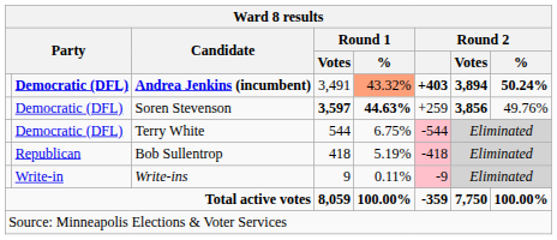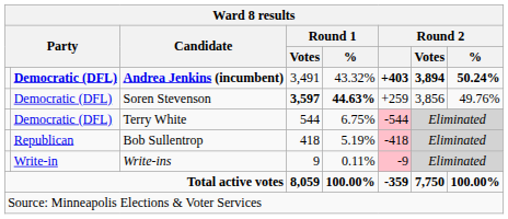 <table class="wikitable">
 <tr>
 <th colspan="8">Ward 8 results</th>
 </tr>
 <tr>
 <th rowspan="2" colspan="2">Party</th>
 <th rowspan="2">Candidate</th>
 <th colspan="2">Round 1</th>
 <th colspan="3">Round 2</th>
 </tr>
 <tr>
 <th>Votes</th>
 <th>%</th>
 <th></th>
 <th>Votes</th>
 <th>%</th>
 </tr>
 <tr>
 <td style="background-color:"></td>
 <td><strong><a href='#'>Democratic (DFL)</a></strong></td>
 <td><strong><a href='#'>Andrea Jenkins</a> (incumbent)</strong></td>
 <td align="right">3,491</td>
-<td align="right" style="background: lightsalmon;">43.32%</td>
+<td align="right">43.32%</td>
 <td align="right"><strong>+403</strong></td>
 <td align="right"><strong>3,894</strong></td>
 <td align="right"><strong>50.24%</strong></td>
 </tr>
 <tr>
 <td style="background-color:"></td>
 <td><a href='#'>Democratic (DFL)</a></td>
 <td>Soren Stevenson</td>
 <td align="right"><strong>3,597</strong></td>
 <td align="right"><strong>44.63%</strong></td>
 <td align="right">+259</td>
-<td align="right"><strong>3,856</strong></td>
+<td align="right">3,856</td>
 <td align="right">49.76%</td>
 </tr>
 <tr>
 <td style="background-color:"></td>
 <td><a href='#'>Democratic (DFL)</a></td>
 <td>Terry White</td>
 <td align="right">544</td>
 <td align="right">6.75%</td>
 <td BGCOLOR=pink align="right">-544</td>
 <td colspan=2 bgcolor=lightgray align=center><em>Eliminated</em></td>
 </tr>
 <tr>
 <td style="background-color:"></td>
 <td><a href='#'>Republican</a></td>
 <td>Bob Sullentrop</td>
 <td align="right">418</td>
 <td align="right">5.19%</td>
 <td BGCOLOR=pink align="right">-418</td>
 <td colspan=2 bgcolor=lightgray align=center><em>Eliminated</em></td>
 </tr>
 <tr>
 <td style="background-color:"></td>
 <td><a href='#'>Write-in</a></td>
 <td><em>Write-ins</em></td>
 <td align="right">9</td>
 <td align="right">0.11%</td>
 <td BGCOLOR=pink align="right">-9</td>
 <td colspan=2 bgcolor=lightgray align=center><em>Eliminated</em></td>
 </tr>
 <tr align="right">
 <td colspan="3"><strong>Total active votes</strong></td>
 <td><strong>8,059</strong></td>
 <td><strong>100.00%</strong></td>
 <td><strong>-359</strong></td>
 <td><strong>7,750</strong></td>
 <td><strong>100.00%</strong></td>
 </tr>
 <tr>
 <td colspan="8">Source: Minneapolis Elections & Voter Services</td>
 </tr>
 </table>
